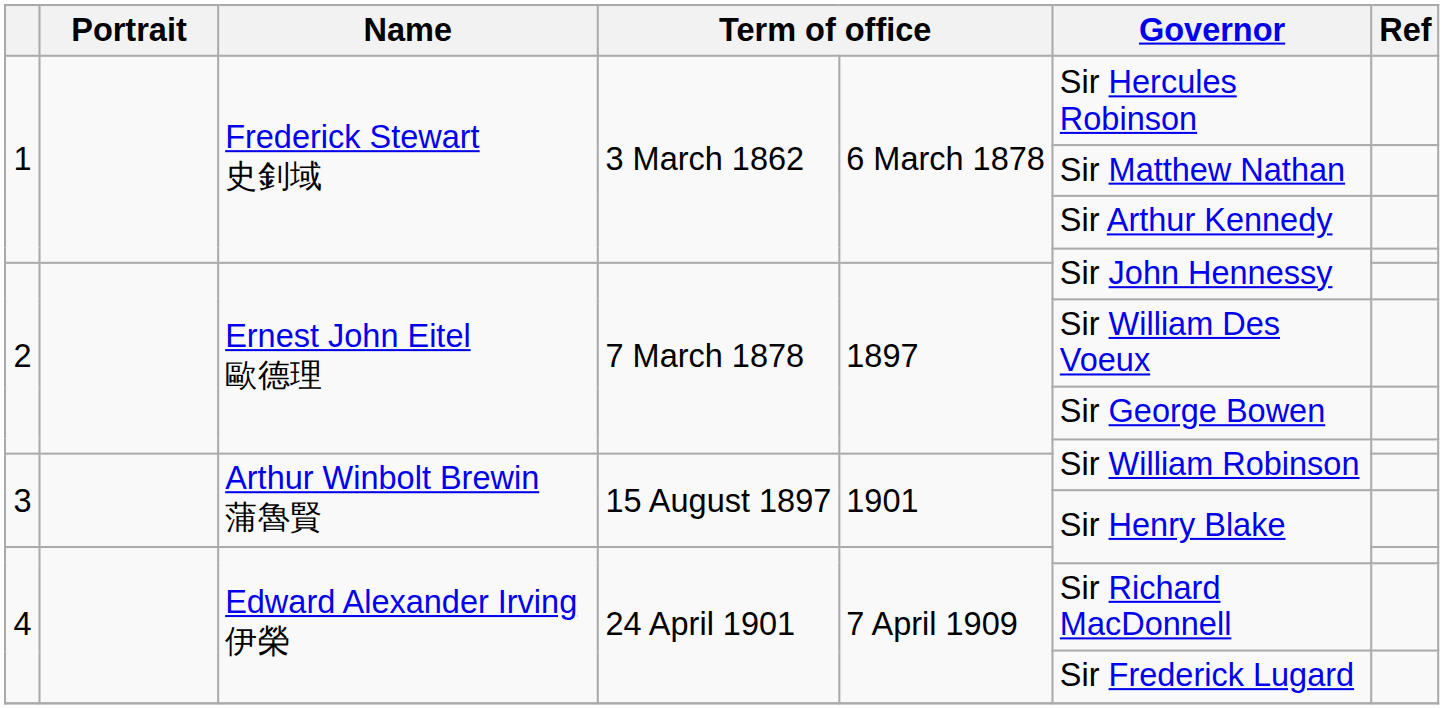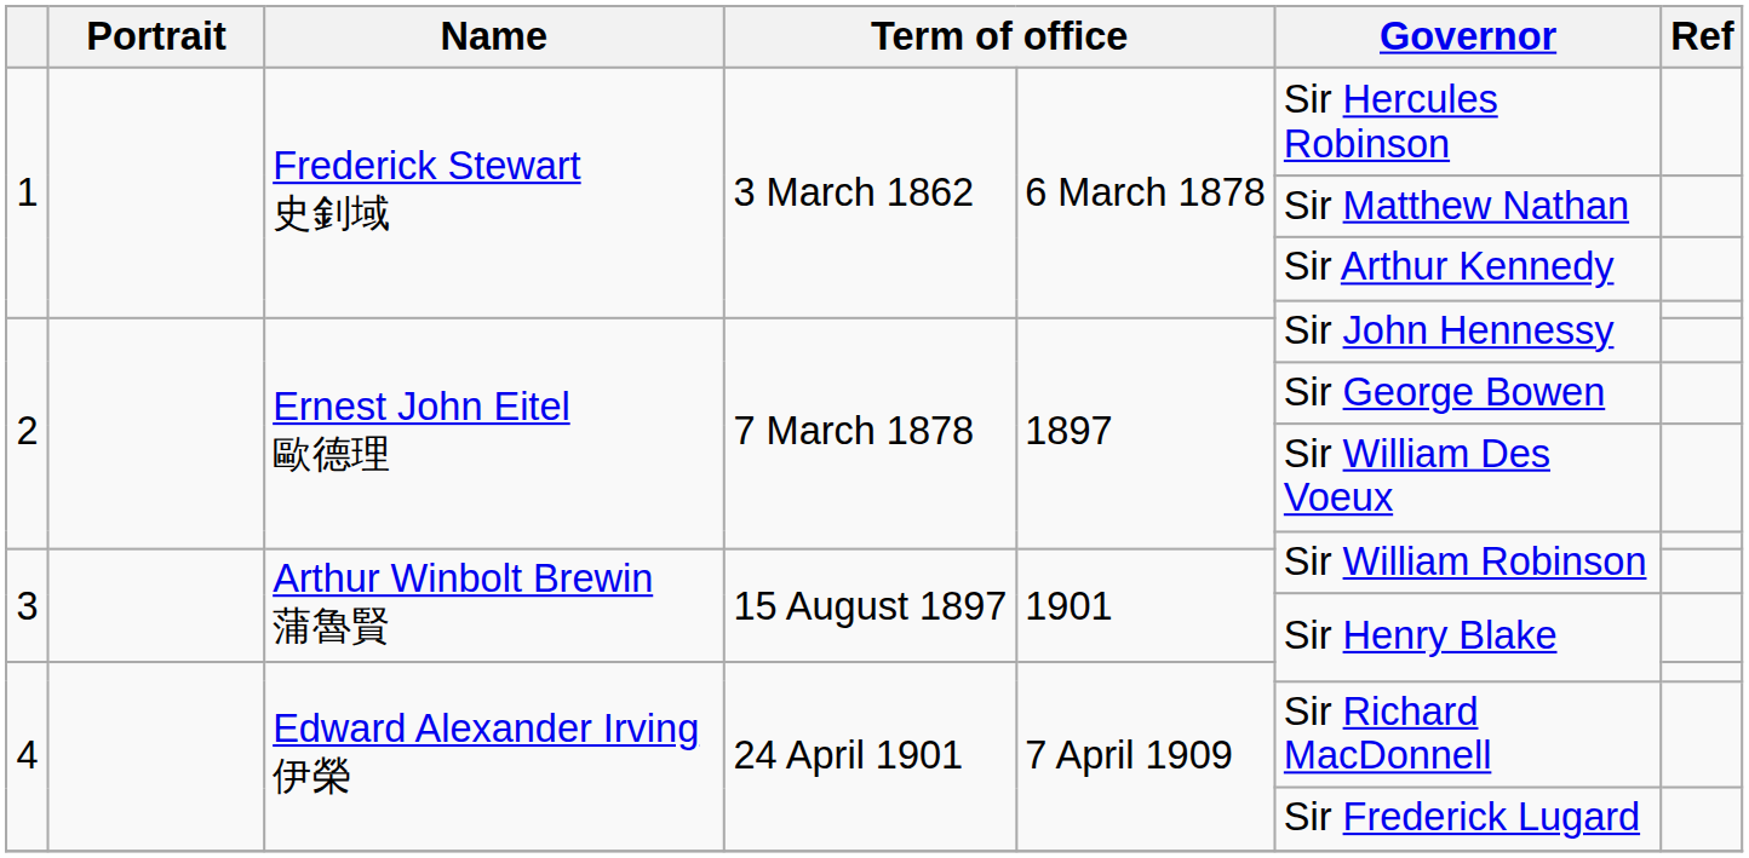 <table class="wikitable"  style="text-align:left">
 <tr>
 <th width="10"></th>
 <th width="80">Portrait</th>
 <th width="180">Name</th>
 <th width="180" colspan="2">Term of office</th>
 <th width="150"><a href='#'>Governor</a></th>
 <th>Ref</th>
 </tr>
 <tr>
 <td rowspan=4 align=center>1</td>
 <td rowspan=4></td>
 <td rowspan=4><a href='#'>Frederick Stewart</a><br>史釗域</td>
 <td rowspan=4>3 March 1862</td>
 <td rowspan=4>6 March 1878</td>
 <td>Sir <a href='#'>Hercules Robinson</a></td>
 <td></td>
 </tr>
 <tr>
 <td>Sir <a href='#'>Matthew Nathan</a><br></td>
 <td></td>
 </tr>
 <tr>
 <td>Sir <a href='#'>Arthur Kennedy</a><br></td>
 <td></td>
 </tr>
 <tr>
 <td rowspan=2>Sir <a href='#'>John Hennessy</a><br></td>
 <td></td>
 </tr>
 <tr>
 <td rowspan=4 align=center>2</td>
 <td rowspan=4></td>
 <td rowspan=4><a href='#'>Ernest John Eitel</a> <br>歐德理</td>
 <td rowspan=4>7 March 1878</td>
 <td rowspan=4>1897</td>
 <td></td>
 </tr>
 <tr>
-<td>Sir <a href='#'>William Des Voeux</a><br></td>
+<td>Sir <a href='#'>George Bowen</a><br></td>
 <td></td>
 </tr>
 <tr>
-<td>Sir <a href='#'>George Bowen</a><br></td>
+<td>Sir <a href='#'>William Des Voeux</a><br></td>
 <td></td>
 </tr>
 <tr>
 <td rowspan=2>Sir <a href='#'>William Robinson</a><br></td>
 <td></td>
 </tr>
 <tr>
 <td align=center rowspan=2>3</td>
 <td rowspan=2></td>
 <td rowspan=2><a href='#'>Arthur Winbolt Brewin</a> <br>蒲魯賢</td>
 <td rowspan=2>15 August 1897</td>
 <td rowspan=2>1901</td>
 <td></td>
 </tr>
 <tr>
 <td rowspan=2>Sir <a href='#'>Henry Blake</a><br></td>
 <td></td>
 </tr>
 <tr>
 <td align=center rowspan=3>4</td>
 <td rowspan=3></td>
 <td rowspan=3><a href='#'>Edward Alexander Irving</a><br>伊榮</td>
 <td rowspan=3>24 April 1901</td>
 <td rowspan=3>7 April 1909</td>
 <td></td>
 </tr>
 <tr>
 <td>Sir <a href='#'>Richard MacDonnell</a><br></td>
 <td></td>
 </tr>
 <tr>
 <td>Sir <a href='#'>Frederick Lugard</a><br></td>
 <td></td>
 </tr>
 <tr>
 </tr>
 </table>
